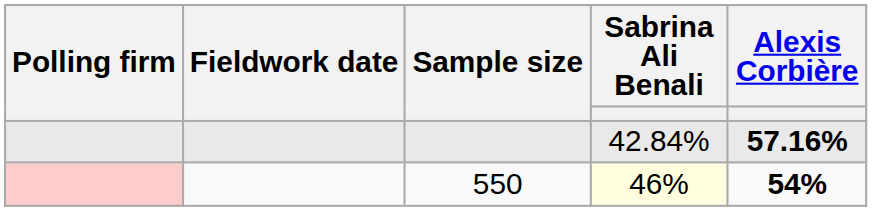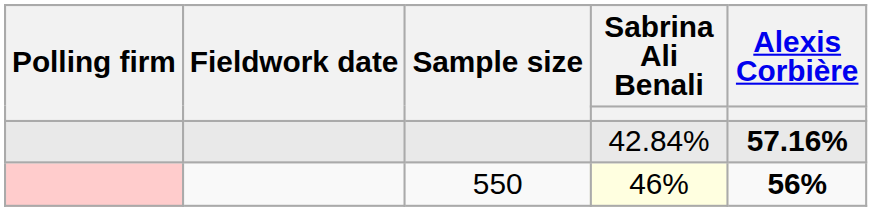 <table class="wikitable sortable" style="text-align:center;font-size:90%;line-height:14px">
 <tr style="height:40px;">
 <th rowspan="2">Polling firm</th>
 <th rowspan="2">Fieldwork date</th>
 <th rowspan="2">Sample size</th>
 <th class="unsortable" style="width:60px">Sabrina Ali Benali<br></th>
 <th class="unsortable" style="width:60px"><a href='#'>Alexis Corbière</a><br></th>
 </tr>
 <tr>
 <th style="background:"></th>
 <th style="background:"></th>
 </tr>
 <tr style="background:#E9E9E9">
 <td></td>
 <td></td>
 <td></td>
 <td>42.84%</td>
 <td style="background-color:#"><strong>57.16%</strong></td>
 </tr>
 <tr>
 <td style="background:#FFCCCC"></td>
 <td></td>
 <td>550</td>
 <td style="background: lightyellow;">46%</td>
-<td style="background-color:#"><strong>54%</strong></td>
+<td style="background-color:#"><strong>56%</strong></td>
 </tr>
 </table>
